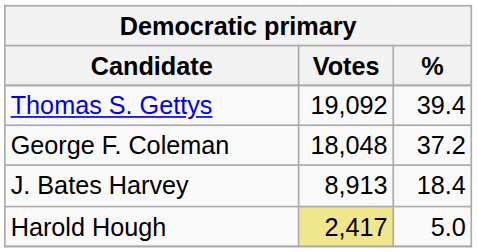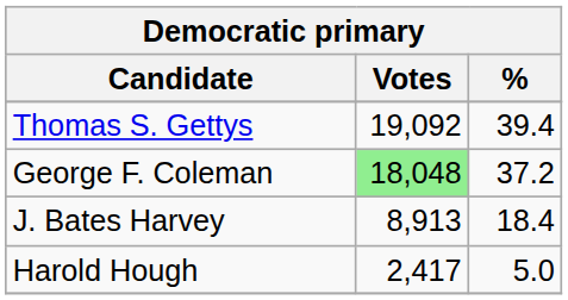 <table class="wikitable" align="left" style="margin: 1em 1em 1em 0; font-size: 95%;">
 <tr>
 <th colspan="3">Democratic primary</th>
 </tr>
 <tr>
 <th colspan="1" style="width: 170px">Candidate</th>
 <th style="width: 50px">Votes</th>
 <th style="width: 40px">%</th>
 </tr>
 <tr>
 </tr>
 <tr>
 <td><a href='#'>Thomas S. Gettys</a></td>
 <td align="right">19,092</td>
 <td align="right">39.4</td>
 </tr>
 <tr>
 <td>George F. Coleman</td>
-<td align="right">18,048</td>
+<td align="right" style="background: lightgreen;">18,048</td>
 <td align="right">37.2</td>
 </tr>
 <tr>
 <td>J. Bates Harvey</td>
 <td align="right">8,913</td>
 <td align="right">18.4</td>
 </tr>
 <tr>
 <td>Harold Hough</td>
-<td align="right" style="background: khaki;">2,417</td>
+<td align="right">2,417</td>
 <td align="right">5.0</td>
 </tr>
 <tr>
 </tr>
 </table>
